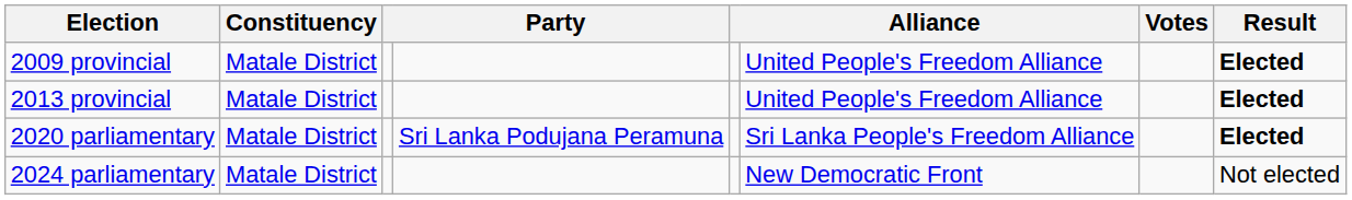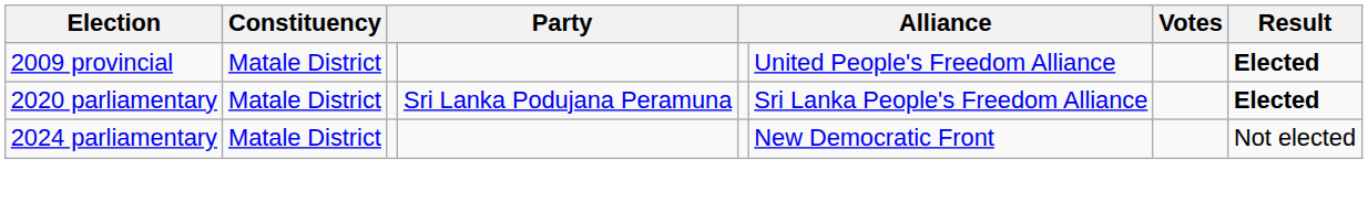 <table class="wikitable" style="text-align:left;">
 <tr>
 <th scope=col>Election</th>
 <th scope=col>Constituency</th>
 <th scope=col colspan="2">Party</th>
 <th scope=col colspan="2">Alliance</th>
 <th scope=col>Votes</th>
 <th scope=col>Result</th>
 </tr>
 <tr>
 <td><a href='#'>2009 provincial</a></td>
-<td><a href='#'>Matale District</a></td>
-<td></td>
-<td></td>
-<td style="background:"></td>
-<td><a href='#'>United People's Freedom Alliance</a></td>
-<td align=right></td>
-<td><strong>Elected</strong></td>
-</tr>
-<tr>
-<td><a href='#'>2013 provincial</a></td>
 <td><a href='#'>Matale District</a></td>
 <td></td>
 <td></td>
 <td style="background:"></td>
 <td><a href='#'>United People's Freedom Alliance</a></td>
 <td align=right></td>
 <td><strong>Elected</strong></td>
 </tr>
 <tr>
 <td><a href='#'>2020 parliamentary</a></td>
 <td><a href='#'>Matale District</a></td>
 <td style="background:"></td>
 <td><a href='#'>Sri Lanka Podujana Peramuna</a></td>
 <td style="background:"></td>
 <td><a href='#'>Sri Lanka People's Freedom Alliance</a></td>
 <td align=right></td>
 <td><strong>Elected</strong></td>
 </tr>
 <tr>
 <td><a href='#'>2024 parliamentary</a></td>
 <td><a href='#'>Matale District</a></td>
 <td></td>
 <td></td>
 <td style="background:"></td>
 <td><a href='#'>New Democratic Front</a></td>
 <td></td>
 <td>Not elected</td>
 </tr>
 </table>
